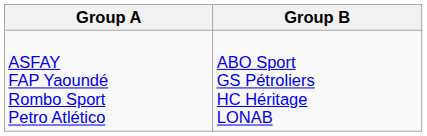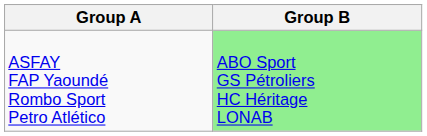 <table class="wikitable">
 <tr>
 <th width=195px>Group A</th>
 <th width=195px>Group B</th>
 </tr>
 <tr>
 <td valign=top><br> <a href='#'>ASFAY</a><br>  <a href='#'>FAP Yaoundé</a><br>  <a href='#'>Rombo Sport</a><br>  <a href='#'>Petro Atlético</a></td>
-<td valign=top><br> <a href='#'>ABO Sport</a><br>  <a href='#'>GS Pétroliers</a><br>  <a href='#'>HC Héritage</a><br>  <a href='#'>LONAB</a></td>
+<td valign=top style="background: lightgreen;"><br> <a href='#'>ABO Sport</a><br>  <a href='#'>GS Pétroliers</a><br>  <a href='#'>HC Héritage</a><br>  <a href='#'>LONAB</a></td>
 </tr>
 </table>
